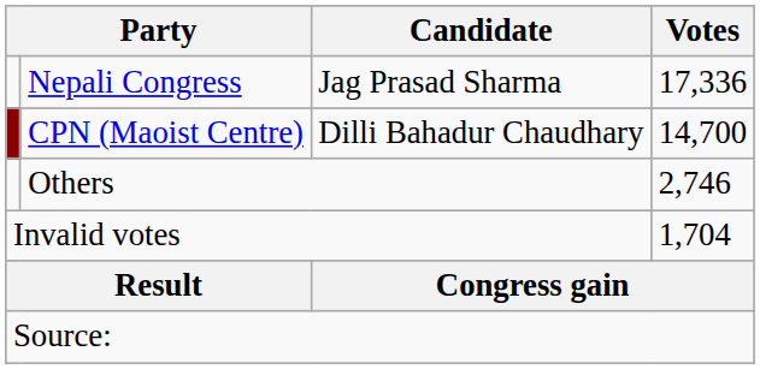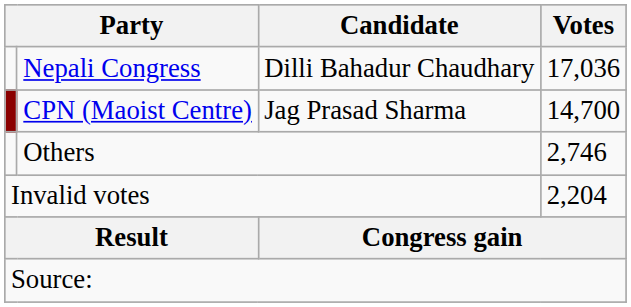 <table class="wikitable">
 <tr>
 <th colspan="2">Party</th>
 <th>Candidate</th>
 <th>Votes</th>
 </tr>
 <tr>
 <td style="background-color:"></td>
 <td><a href='#'>Nepali Congress</a></td>
-<td>Jag Prasad Sharma</td>
-<td>17,336</td>
+<td>Dilli Bahadur Chaudhary</td>
+<td>17,036</td>
 </tr>
 <tr>
 <td style="background-color:darkred"></td>
 <td><a href='#'>CPN (Maoist Centre)</a></td>
-<td>Dilli Bahadur Chaudhary</td>
+<td>Jag Prasad Sharma</td>
 <td>14,700</td>
 </tr>
 <tr>
 <td></td>
 <td colspan="2">Others</td>
 <td>2,746</td>
 </tr>
 <tr>
 <td colspan="3">Invalid votes</td>
-<td>1,704</td>
+<td>2,204</td>
 </tr>
 <tr>
 <th colspan="2">Result</th>
 <th colspan="2">Congress gain</th>
 </tr>
 <tr>
 <td colspan="4">Source: </td>
 </tr>
 </table>
